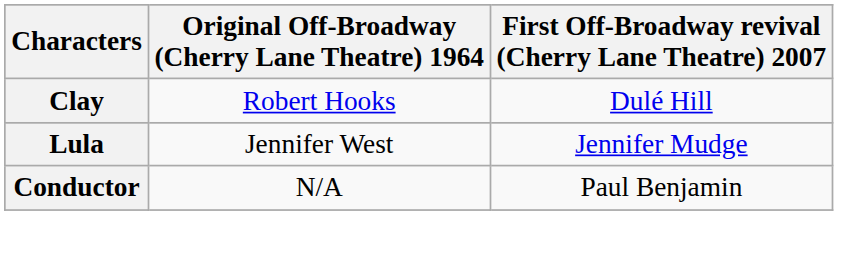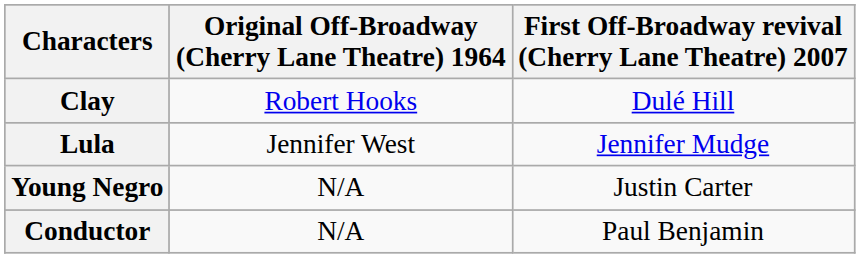 <table class="wikitable" style="width:1000;">
 <tr>
 <th>Characters</th>
 <th><strong>Original Off-Broadway</strong><br><strong>(Cherry Lane Theatre)</strong> <strong>1964</strong></th>
 <th><strong>First Off-Broadway revival</strong><br><strong>(Cherry Lane Theatre)</strong> <strong>2007</strong></th>
 </tr>
 <tr>
 <th>Clay</th>
 <td colspan="1" align="center"><a href='#'>Robert Hooks</a></td>
 <td colspan="1" align="center"><a href='#'>Dulé Hill</a></td>
 </tr>
 <tr>
 <th>Lula</th>
 <td colspan="1" align="center">Jennifer West</td>
 <td colspan="1" align="center"><a href='#'>Jennifer Mudge</a></td>
 </tr>
 <tr>
+<th>Young Negro</th>
+<td colspan="1" align="center">N/A</td>
+<td colspan="1" align="center">Justin Carter</td>
+</tr>
+<tr>
 <th>Conductor</th>
 <td colspan="1" align="center">N/A</td>
 <td colspan="1" align="center">Paul Benjamin</td>
 </tr>
 </table>
